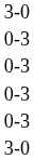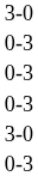 <table style="width:50%;" cellspacing="1">
 <tr>
 <th width=15%></th>
 <th width=10%></th>
 <th width=15%></th>
 </tr>
 <tr>
 </tr>
 <tr style=font-size:90%>
 <td align=right></td>
 <td align=center>3-0</td>
 <td></td>
 </tr>
 <tr style=font-size:90%>
 <td align=right></td>
 <td align=center>0-3</td>
 <td></td>
 </tr>
 <tr style=font-size:90%>
 <td align=right></td>
 <td align=center>0-3</td>
 <td></td>
 </tr>
 <tr style=font-size:90%>
 <td align=right></td>
 <td align=center>0-3</td>
 <td></td>
 </tr>
 <tr style=font-size:90%>
 <td align=right></td>
-<td align=center>0-3</td>
+<td align=center>3-0</td>
 <td></td>
 </tr>
 <tr style=font-size:90%>
 <td align=right></td>
-<td align=center>3-0</td>
+<td align=center>0-3</td>
 <td></td>
 </tr>
 </table>
